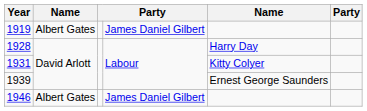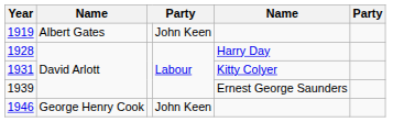 <table class="wikitable">
 <tr>
 <th>Year</th>
 <th>Name</th>
 <th colspan=2>Party</th>
 <th>Name</th>
 <th colspan=2>Party</th>
 </tr>
 <tr>
 <td><a href='#'>1919</a></td>
 <td>Albert Gates</td>
 <td></td>
-<td><a href='#'>James Daniel Gilbert</a></td>
+<td>John Keen</td>
 <td></td>
 </tr>
 <tr>
 <td><a href='#'>1928</a></td>
 <td rowspan=3>David Arlott</td>
 <td rowspan=3 style="background-color: "></td>
 <td rowspan=3><a href='#'>Labour</a></td>
 <td><a href='#'>Harry Day</a></td>
 <td></td>
 </tr>
 <tr>
 <td><a href='#'>1931</a></td>
 <td><a href='#'>Kitty Colyer</a></td>
 <td></td>
 </tr>
 <tr>
 <td>1939</td>
 <td>Ernest George Saunders</td>
 <td></td>
 </tr>
 <tr>
 <td><a href='#'>1946</a></td>
-<td>Albert Gates</td>
+<td>George Henry Cook</td>
 <td></td>
-<td><a href='#'>James Daniel Gilbert</a></td>
+<td>John Keen</td>
 <td></td>
 </tr>
 </table>
